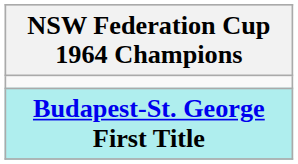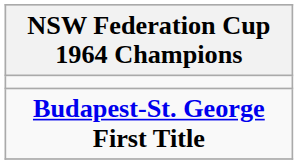 <table class="wikitable" style="text-align: center; margin: 0 auto; width: 20%">
 <tr>
 <th>NSW Federation Cup<br>1964 Champions</th>
 </tr>
 <tr>
 <td></td>
 </tr>
 <tr>
-<td style="background: paleturquoise;"><strong><a href='#'>Budapest-St. George</a></strong><br><strong>First Title</strong></td>
+<td><strong><a href='#'>Budapest-St. George</a></strong><br><strong>First Title</strong></td>
 </tr>
 </table>
